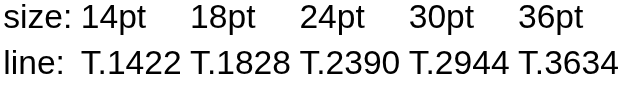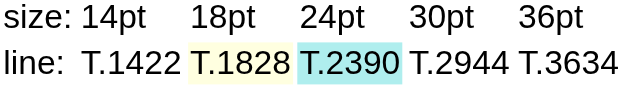 <table style="margin-left:40px;">
 <tr>
 <td>size:</td>
 <td>14pt</td>
 <td>18pt</td>
 <td>24pt</td>
 <td>30pt</td>
 <td>36pt</td>
 </tr>
 <tr>
 <td>line:</td>
 <td>T.1422</td>
-<td>T.1828</td>
-<td>T.2390</td>
+<td style="background: lightyellow;">T.1828</td>
+<td style="background: paleturquoise;">T.2390</td>
 <td>T.2944</td>
 <td>T.3634</td>
 </tr>
 </table>
